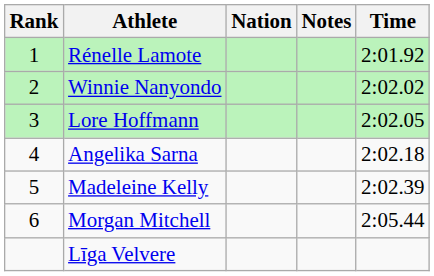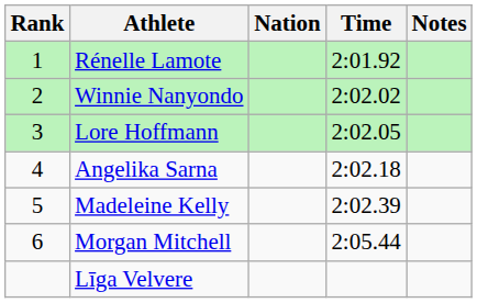 <table class="wikitable sortable" style="text-align:center;">
 <tr>
 <th>Rank</th>
 <th>Athlete</th>
 <th>Nation</th>
+<th>Time</th>
 <th>Notes</th>
-<th>Time</th>
 </tr>
 <tr bgcolor=#bbf3bb>
 <td>1</td>
 <td align="left"><a href='#'>Rénelle Lamote</a></td>
 <td align=left></td>
+<td>2:01.92</td>
 <td></td>
-<td>2:01.92</td>
 </tr>
 <tr bgcolor=#bbf3bb>
 <td>2</td>
 <td align="left"><a href='#'>Winnie Nanyondo</a></td>
 <td align=left></td>
+<td>2:02.02</td>
 <td></td>
-<td>2:02.02</td>
 </tr>
 <tr bgcolor=#bbf3bb>
 <td>3</td>
 <td align="left"><a href='#'>Lore Hoffmann</a></td>
 <td align=left></td>
+<td>2:02.05</td>
 <td></td>
-<td>2:02.05</td>
 </tr>
 <tr>
 <td>4</td>
 <td align="left"><a href='#'>Angelika Sarna</a></td>
 <td align=left></td>
+<td>2:02.18</td>
 <td></td>
-<td>2:02.18</td>
 </tr>
 <tr>
 <td>5</td>
 <td align="left"><a href='#'>Madeleine Kelly</a></td>
 <td align=left></td>
+<td>2:02.39</td>
 <td></td>
-<td>2:02.39</td>
 </tr>
 <tr>
 <td>6</td>
 <td align="left"><a href='#'>Morgan Mitchell</a></td>
 <td align=left></td>
+<td>2:05.44</td>
 <td></td>
-<td>2:05.44</td>
 </tr>
 <tr>
 <td></td>
 <td align="left"><a href='#'>Līga Velvere</a></td>
 <td align=left></td>
 <td></td>
 <td></td>
 </tr>
 </table>
